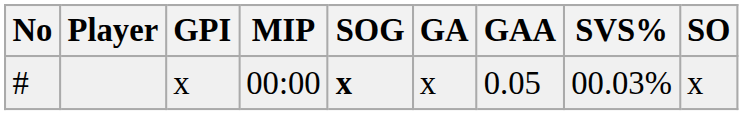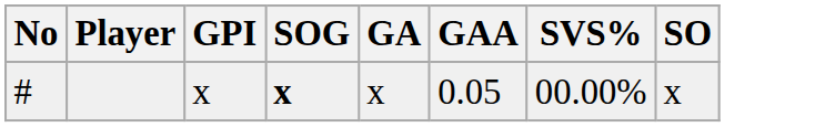 <table class="wikitable sortable">
 <tr>
 <th>No</th>
 <th>Player</th>
 <th>GPI</th>
-<th>MIP</th>
 <th>SOG</th>
 <th>GA</th>
 <th>GAA</th>
 <th>SVS%</th>
 <th>SO</th>
 </tr>
 <tr bgcolor="#f0f0f0">
 <td>#</td>
 <td align="left"></td>
 <td>x</td>
-<td>00:00</td>
 <td><strong>x</strong></td>
 <td>x</td>
 <td>0.05</td>
-<td>00.03%</td>
+<td>00.00%</td>
 <td>x</td>
 </tr>
 </table>
